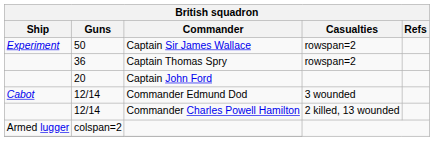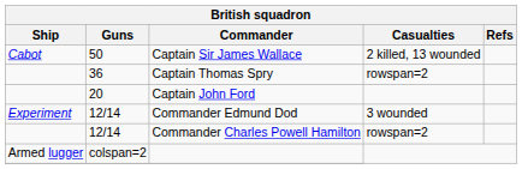 <table class="wikitable" width=>
 <tr valign="top">
 <th colspan="8" bgcolor="white">British squadron</th>
 </tr>
 <tr valign="top">
 <th>Ship</th>
 <th>Guns</th>
 <th>Commander</th>
 <th>Casualties</th>
 <th>Refs</th>
 </tr>
 <tr>
-<td><a href='#'><em>Experiment</em></a></td>
+<td><a href='#'><em>Cabot</em></a></td>
 <td>50</td>
 <td>Captain <a href='#'>Sir James Wallace</a></td>
-<td>rowspan=2 </td>
+<td>2 killed, 13 wounded</td>
 <td></td>
 </tr>
 <tr>
 <td></td>
 <td>36</td>
 <td>Captain Thomas Spry</td>
 <td>rowspan=2 </td>
 <td></td>
 </tr>
 <tr>
 <td></td>
 <td>20</td>
 <td>Captain <a href='#'>John Ford</a></td>
 <td></td>
 </tr>
 <tr>
-<td><a href='#'><em>Cabot</em></a></td>
+<td><a href='#'><em>Experiment</em></a></td>
 <td>12/14</td>
 <td>Commander Edmund Dod</td>
 <td>3 wounded</td>
 <td></td>
 </tr>
 <tr>
 <td></td>
 <td>12/14</td>
 <td>Commander <a href='#'>Charles Powell Hamilton</a></td>
-<td>2 killed, 13 wounded</td>
+<td>rowspan=2 </td>
 <td></td>
 </tr>
 <tr>
 <td>Armed <a href='#'>lugger</a></td>
 <td>colspan=2 </td>
 <td></td>
 </tr>
 <tr>
 </tr>
 </table>
